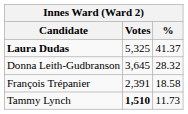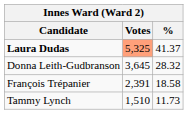 <table class="wikitable">
 <tr>
 <th colspan="3">Innes Ward (Ward 2)</th>
 </tr>
 <tr>
 <th>Candidate</th>
 <th>Votes</th>
 <th>%</th>
 </tr>
 <tr>
 <td><strong>Laura Dudas</strong></td>
-<td>5,325</td>
+<td style="background: lightsalmon;">5,325</td>
 <td>41.37</td>
 </tr>
 <tr>
 <td>Donna Leith-Gudbranson</td>
 <td>3,645</td>
 <td>28.32</td>
 </tr>
 <tr>
 <td>François Trépanier</td>
 <td>2,391</td>
 <td>18.58</td>
 </tr>
 <tr>
 <td>Tammy Lynch</td>
-<td><strong>1,510</strong></td>
+<td>1,510</td>
 <td>11.73</td>
 </tr>
 </table>
